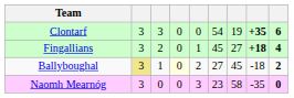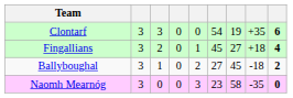 <table class="wikitable" style="text-align:center">
 <tr>
 <th style="width:175px;">Team</th>
 <th width="20"></th>
 <th width="20"></th>
 <th width="20"></th>
 <th width="20"></th>
 <th width="20"></th>
 <th width="20"></th>
 <th width="20"></th>
 <th width="20"></th>
 </tr>
 <tr style="background:#cfc;">
 <td><a href='#'>Clontarf</a></td>
 <td>3</td>
 <td>3</td>
 <td>0</td>
 <td>0</td>
 <td>54</td>
 <td>19</td>
-<td><strong>+35</strong></td>
+<td>+35</td>
 <td><strong>6</strong></td>
 </tr>
 <tr style="background:#cfc;">
 <td><a href='#'>Fingallians</a></td>
 <td>3</td>
 <td>2</td>
 <td>0</td>
 <td>1</td>
 <td>45</td>
 <td>27</td>
-<td><strong>+18</strong></td>
+<td>+18</td>
 <td><strong>4</strong></td>
 </tr>
 <tr>
 <td><a href='#'>Ballyboughal</a></td>
-<td style="background: khaki;">3</td>
+<td>3</td>
 <td>1</td>
-<td style="background: lightyellow;">0</td>
+<td>0</td>
 <td>2</td>
 <td>27</td>
 <td>45</td>
 <td>-18</td>
 <td><strong>2</strong></td>
 </tr>
 <tr style="background:#fcf;">
 <td><a href='#'>Naomh Mearnóg</a></td>
 <td>3</td>
 <td>0</td>
 <td>0</td>
 <td>3</td>
 <td>23</td>
 <td>58</td>
 <td>-35</td>
 <td><strong>0</strong></td>
 </tr>
 </table>
